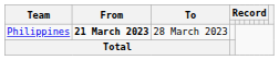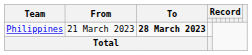 <table class="wikitable" style="text-align:center">
 <tr>
 <th rowspan="2">Team</th>
 <th rowspan="2">From</th>
 <th rowspan="2">To</th>
 <th colspan="8">Record</th>
 <th rowspan="2"></th>
 </tr>
 <tr>
 <th></th>
 <th></th>
 <th></th>
 <th></th>
 <th></th>
 <th></th>
 <th></th>
 <th></th>
 </tr>
 <tr>
 <td><a href='#'>Philippines</a></td>
-<td><strong>21 March 2023</strong></td>
-<td>28 March 2023<br></td>
+<td>21 March 2023</td>
+<td><strong>28 March 2023<br></strong></td>
 <td></td>
 </tr>
 <tr>
 <th colspan="3">Total<br></th>
 <th></th>
 </tr>
 </table>
